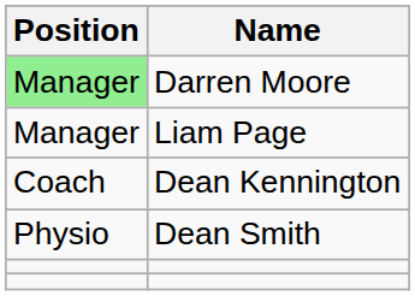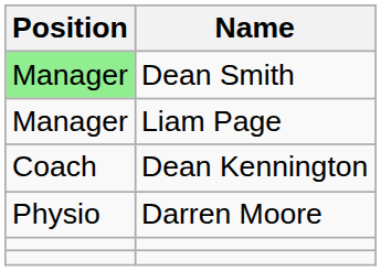 <table class="wikitable">
 <tr>
 <th>Position</th>
 <th>Name</th>
 </tr>
 <tr>
 <td style="background: lightgreen;">Manager</td>
-<td>Darren Moore</td>
+<td>Dean Smith</td>
 </tr>
 <tr>
 <td>Manager</td>
 <td>Liam Page</td>
 </tr>
 <tr>
 <td>Coach</td>
 <td>Dean Kennington</td>
 </tr>
 <tr>
 <td>Physio</td>
-<td>Dean Smith</td>
+<td>Darren Moore</td>
 </tr>
 <tr>
 <td></td>
 <td></td>
 </tr>
 <tr>
 <td></td>
 <td></td>
 </tr>
 </table>
